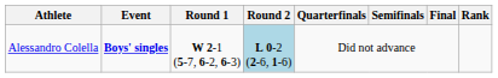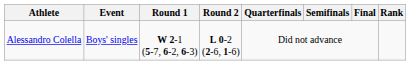 <table class=wikitable style="font-size:90%">
 <tr>
 <th>Athlete</th>
 <th>Event</th>
 <th>Round 1</th>
 <th>Round 2</th>
 <th>Quarterfinals</th>
 <th>Semifinals</th>
 <th>Final</th>
 <th>Rank</th>
 </tr>
 <tr>
 <td><a href='#'>Alessandro Colella</a></td>
-<td><strong><a href='#'>Boys' singles</a></strong></td>
+<td><a href='#'>Boys' singles</a></td>
 <td align=center><br><strong>W</strong> <strong>2</strong>-1<br> (<strong>5</strong>-7, <strong>6</strong>-2, <strong>6</strong>-3)</td>
-<td align=center style="background: lightblue;"><br><strong>L</strong> <strong>0</strong>-2<br> (<strong>2</strong>-6, <strong>1</strong>-6)</td>
+<td align=center><br><strong>L</strong> <strong>0</strong>-2<br> (<strong>2</strong>-6, <strong>1</strong>-6)</td>
 <td colspan=3 align=center>Did not advance</td>
 <td align=center></td>
 </tr>
 </table>
